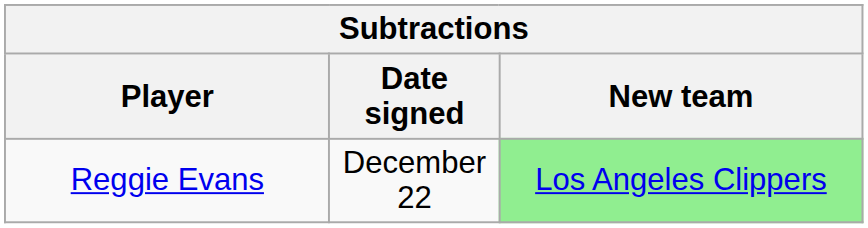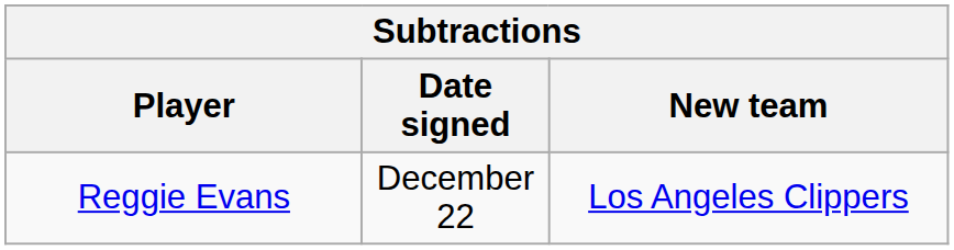 <table class="wikitable" style="text-align:center">
 <tr>
 <th colspan=3>Subtractions</th>
 </tr>
 <tr>
 <th style="width:160px">Player</th>
 <th style="width:80px">Date signed</th>
 <th style="width:180px">New team</th>
 </tr>
 <tr>
 <td><a href='#'>Reggie Evans</a></td>
 <td>December 22</td>
-<td style="background: lightgreen;"><a href='#'>Los Angeles Clippers</a></td>
+<td><a href='#'>Los Angeles Clippers</a></td>
 </tr>
 </table>
